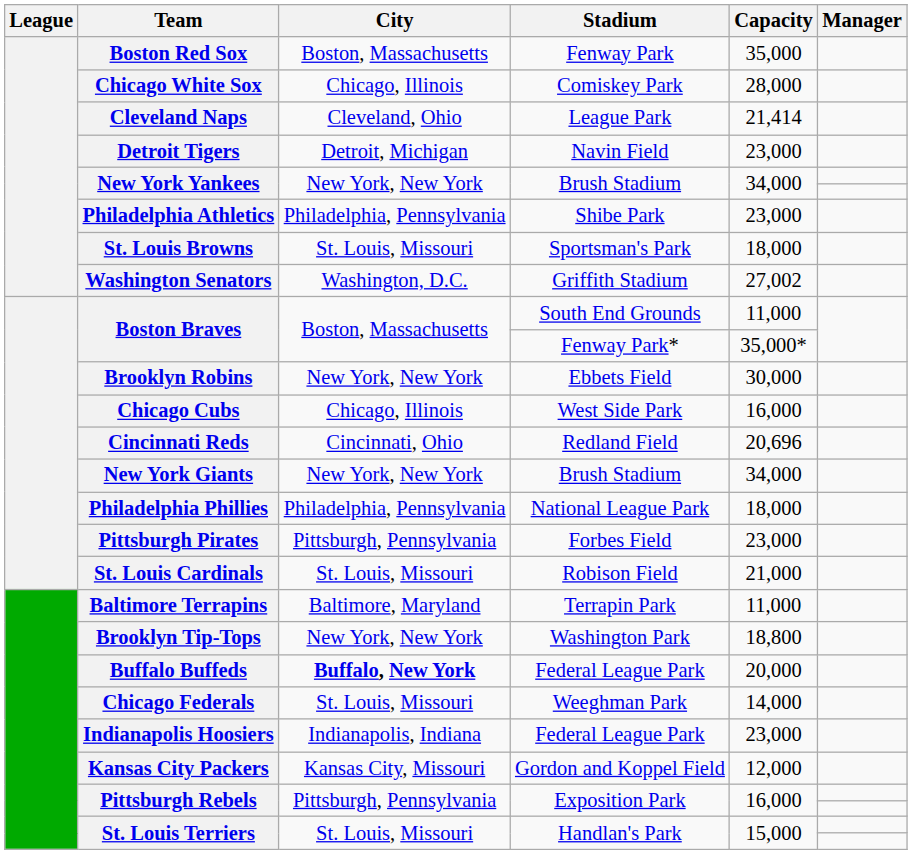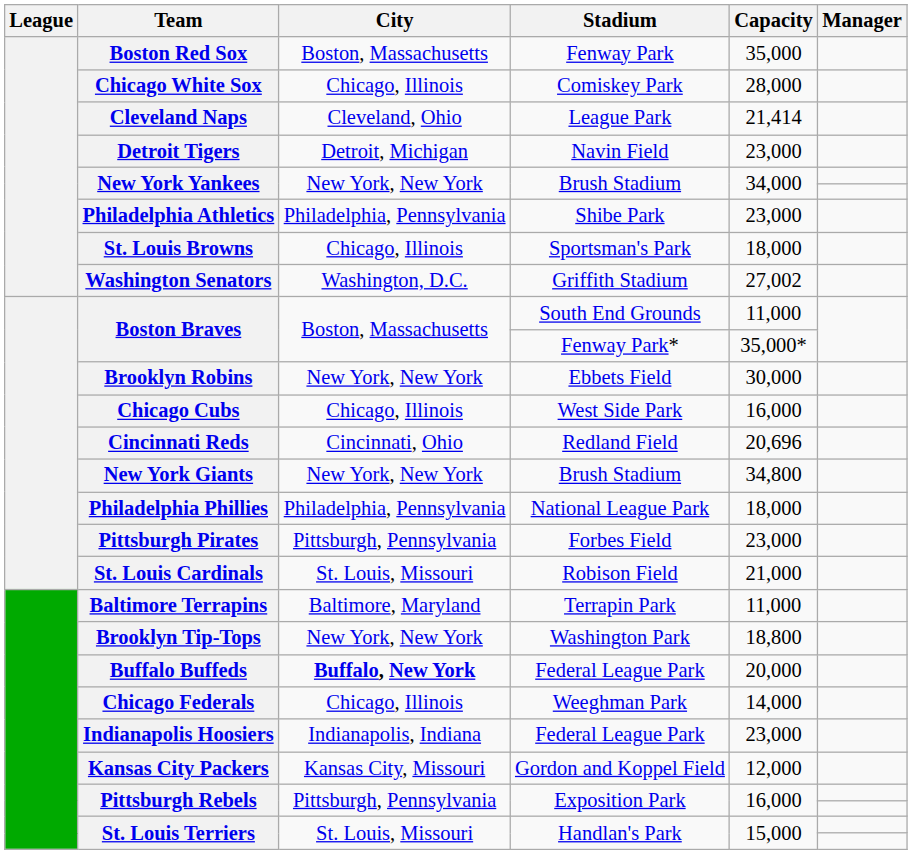 <table class="wikitable sortable plainrowheaders" style="text-align:center;">
 <tr>
 <th scope="col">League</th>
 <th scope="col">Team</th>
 <th scope="col">City</th>
 <th scope="col">Stadium</th>
 <th scope="col">Capacity</th>
 <th scope="col">Manager</th>
 </tr>
 <tr>
 <th rowspan="9"></th>
 <th scope="row"><a href='#'>Boston Red Sox</a></th>
 <td><a href='#'>Boston</a>, <a href='#'>Massachusetts</a></td>
 <td><a href='#'>Fenway Park</a></td>
 <td>35,000</td>
 <td></td>
 </tr>
 <tr>
 <th scope="row"><a href='#'>Chicago White Sox</a></th>
 <td><a href='#'>Chicago</a>, <a href='#'>Illinois</a></td>
 <td><a href='#'>Comiskey Park</a></td>
 <td>28,000</td>
 <td></td>
 </tr>
 <tr>
 <th scope="row"><a href='#'>Cleveland Naps</a></th>
 <td><a href='#'>Cleveland</a>, <a href='#'>Ohio</a></td>
 <td><a href='#'>League Park</a></td>
 <td>21,414</td>
 <td></td>
 </tr>
 <tr>
 <th scope="row"><a href='#'>Detroit Tigers</a></th>
 <td><a href='#'>Detroit</a>, <a href='#'>Michigan</a></td>
 <td><a href='#'>Navin Field</a></td>
 <td>23,000</td>
 <td></td>
 </tr>
 <tr>
 <th rowspan="2" scope="row"><a href='#'>New York Yankees</a></th>
 <td rowspan="2"><a href='#'>New York</a>, <a href='#'>New York</a></td>
 <td rowspan="2"><a href='#'>Brush Stadium</a></td>
 <td rowspan="2">34,000</td>
 <td></td>
 </tr>
 <tr>
 <td></td>
 </tr>
 <tr>
 <th scope="row"><a href='#'>Philadelphia Athletics</a></th>
 <td><a href='#'>Philadelphia</a>, <a href='#'>Pennsylvania</a></td>
 <td><a href='#'>Shibe Park</a></td>
 <td>23,000</td>
 <td></td>
 </tr>
 <tr>
 <th scope="row"><a href='#'>St. Louis Browns</a></th>
-<td><a href='#'>St. Louis</a>, <a href='#'>Missouri</a></td>
+<td><a href='#'>Chicago</a>, <a href='#'>Illinois</a></td>
 <td><a href='#'>Sportsman's Park</a></td>
 <td>18,000</td>
 <td></td>
 </tr>
 <tr>
 <th scope="row"><a href='#'>Washington Senators</a></th>
 <td><a href='#'>Washington, D.C.</a></td>
 <td><a href='#'>Griffith Stadium</a></td>
 <td>27,002</td>
 <td></td>
 </tr>
 <tr>
 <th rowspan="9"></th>
 <th rowspan="2" scope="row"><a href='#'>Boston Braves</a></th>
 <td rowspan="2"><a href='#'>Boston</a>, <a href='#'>Massachusetts</a></td>
 <td><a href='#'>South End Grounds</a></td>
 <td>11,000</td>
 <td rowspan="2"></td>
 </tr>
 <tr>
 <td><a href='#'>Fenway Park</a>*</td>
 <td>35,000*</td>
 </tr>
 <tr>
 <th scope="row"><a href='#'>Brooklyn Robins</a></th>
 <td><a href='#'>New York</a>, <a href='#'>New York</a></td>
 <td><a href='#'>Ebbets Field</a></td>
 <td>30,000</td>
 <td></td>
 </tr>
 <tr>
 <th scope="row"><a href='#'>Chicago Cubs</a></th>
 <td><a href='#'>Chicago</a>, <a href='#'>Illinois</a></td>
 <td><a href='#'>West Side Park</a></td>
 <td>16,000</td>
 <td></td>
 </tr>
 <tr>
 <th scope="row"><a href='#'>Cincinnati Reds</a></th>
 <td><a href='#'>Cincinnati</a>, <a href='#'>Ohio</a></td>
 <td><a href='#'>Redland Field</a></td>
 <td>20,696</td>
 <td></td>
 </tr>
 <tr>
 <th scope="row"><a href='#'>New York Giants</a></th>
 <td><a href='#'>New York</a>, <a href='#'>New York</a></td>
 <td><a href='#'>Brush Stadium</a></td>
-<td>34,000</td>
+<td>34,800</td>
 <td></td>
 </tr>
 <tr>
 <th scope="row"><a href='#'>Philadelphia Phillies</a></th>
 <td><a href='#'>Philadelphia</a>, <a href='#'>Pennsylvania</a></td>
 <td><a href='#'>National League Park</a></td>
 <td>18,000</td>
 <td></td>
 </tr>
 <tr>
 <th scope="row"><a href='#'>Pittsburgh Pirates</a></th>
 <td><a href='#'>Pittsburgh</a>, <a href='#'>Pennsylvania</a></td>
 <td><a href='#'>Forbes Field</a></td>
 <td>23,000</td>
 <td></td>
 </tr>
 <tr>
 <th scope="row"><a href='#'>St. Louis Cardinals</a></th>
 <td><a href='#'>St. Louis</a>, <a href='#'>Missouri</a></td>
 <td><a href='#'>Robison Field</a></td>
 <td>21,000</td>
 <td></td>
 </tr>
 <tr>
 <th rowspan="12" style="background:#00AA00;"></th>
 <th scope="row"><a href='#'>Baltimore Terrapins</a></th>
 <td><a href='#'>Baltimore</a>, <a href='#'>Maryland</a></td>
 <td><a href='#'>Terrapin Park</a></td>
 <td>11,000</td>
 <td></td>
 </tr>
 <tr>
 <th scope="row"><a href='#'>Brooklyn Tip-Tops</a></th>
 <td><a href='#'>New York</a>, <a href='#'>New York</a></td>
 <td><a href='#'>Washington Park</a></td>
 <td>18,800</td>
 <td></td>
 </tr>
 <tr>
 <th scope="row"><a href='#'>Buffalo Buffeds</a></th>
 <td><strong><a href='#'>Buffalo</a>, <a href='#'>New York</a></strong></td>
 <td><a href='#'>Federal League Park</a></td>
 <td>20,000</td>
 <td></td>
 </tr>
 <tr>
 <th scope="row"><a href='#'>Chicago Federals</a></th>
-<td><a href='#'>St. Louis</a>, <a href='#'>Missouri</a></td>
+<td><a href='#'>Chicago</a>, <a href='#'>Illinois</a></td>
 <td><a href='#'>Weeghman Park</a></td>
 <td>14,000</td>
 <td></td>
 </tr>
 <tr>
 <th scope="row"><a href='#'>Indianapolis Hoosiers</a></th>
 <td><a href='#'>Indianapolis</a>, <a href='#'>Indiana</a></td>
 <td><a href='#'>Federal League Park</a></td>
 <td>23,000</td>
 <td></td>
 </tr>
 <tr>
 <th scope="row"><a href='#'>Kansas City Packers</a></th>
 <td><a href='#'>Kansas City</a>, <a href='#'>Missouri</a></td>
 <td><a href='#'>Gordon and Koppel Field</a></td>
 <td>12,000</td>
 <td></td>
 </tr>
 <tr>
 <th rowspan="2" scope="row"><a href='#'>Pittsburgh Rebels</a></th>
 <td rowspan="2"><a href='#'>Pittsburgh</a>, <a href='#'>Pennsylvania</a></td>
 <td rowspan="2"><a href='#'>Exposition Park</a></td>
 <td rowspan="2">16,000</td>
 <td></td>
 </tr>
 <tr>
 <td></td>
 </tr>
 <tr>
 <th rowspan="2" scope="row"><a href='#'>St. Louis Terriers</a></th>
 <td rowspan="2"><a href='#'>St. Louis</a>, <a href='#'>Missouri</a></td>
 <td rowspan="2"><a href='#'>Handlan's Park</a></td>
 <td rowspan="2">15,000</td>
 <td></td>
 </tr>
 <tr>
 <td></td>
 </tr>
 </table>
